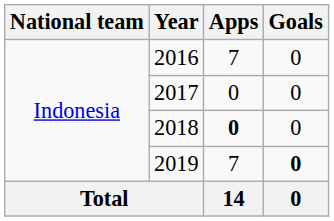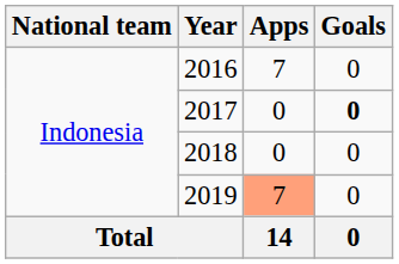 <table class="wikitable" style="text-align:center">
 <tr>
 <th>National team</th>
 <th>Year</th>
 <th>Apps</th>
 <th>Goals</th>
 </tr>
 <tr>
 <td rowspan=4><a href='#'>Indonesia</a></td>
 <td>2016</td>
 <td>7</td>
 <td>0</td>
 </tr>
 <tr>
 <td>2017</td>
 <td>0</td>
-<td>0</td>
+<td><strong>0</strong></td>
 </tr>
 <tr>
 <td>2018</td>
-<td><strong>0</strong></td>
+<td>0</td>
 <td>0</td>
 </tr>
 <tr>
 <td>2019</td>
-<td>7</td>
-<td><strong>0</strong></td>
+<td style="background: lightsalmon;">7</td>
+<td>0</td>
 </tr>
 <tr>
 <th colspan=2>Total</th>
 <th>14</th>
 <th>0</th>
 </tr>
 </table>
